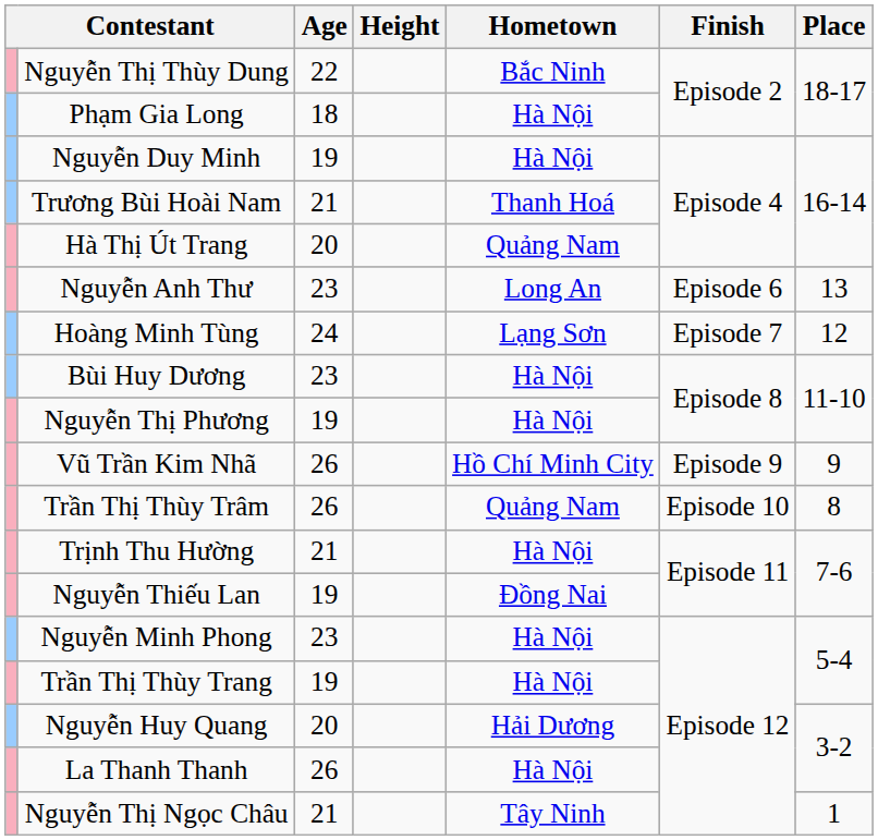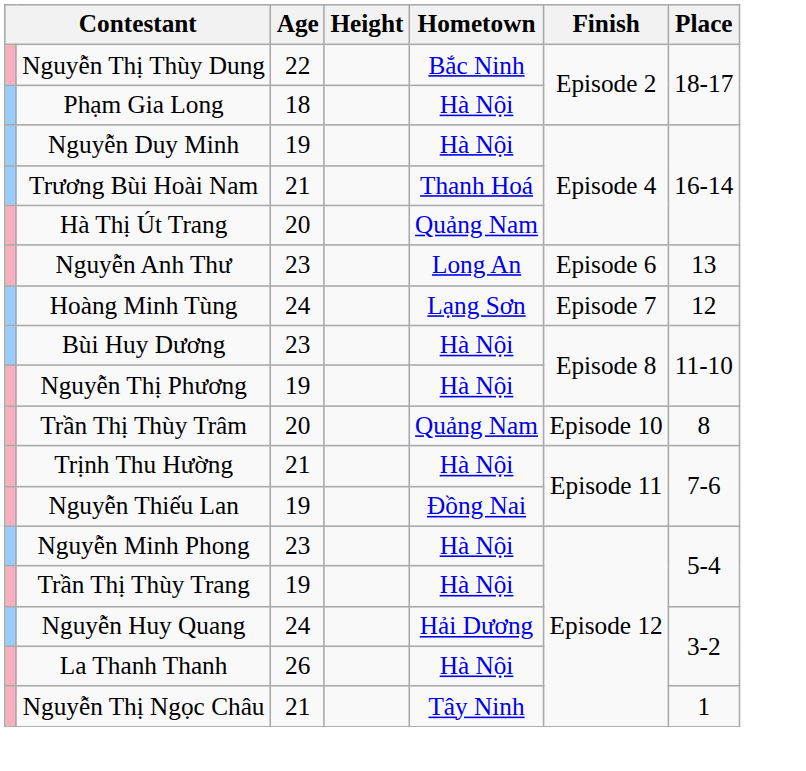 <table class="wikitable sortable" style="text-align:center;">
 <tr>
 <th colspan="2">Contestant</th>
 <th>Age</th>
 <th>Height</th>
 <th>Hometown</th>
 <th>Finish</th>
 <th>Place</th>
 </tr>
 <tr>
 <th style="background:#faafbe"></th>
 <td>Nguyễn Thị Thùy Dung</td>
 <td>22</td>
 <td></td>
 <td><a href='#'>Bắc Ninh</a></td>
 <td rowspan=2>Episode 2</td>
 <td rowspan=2>18-17</td>
 </tr>
 <tr>
 <th style="background:#9cf;"></th>
 <td>Phạm Gia Long</td>
 <td>18</td>
 <td></td>
 <td><a href='#'>Hà Nội</a></td>
 </tr>
 <tr>
 <th style="background:#9cf;"></th>
 <td>Nguyễn Duy Minh</td>
 <td>19</td>
 <td></td>
 <td><a href='#'>Hà Nội</a></td>
 <td rowspan=3>Episode 4</td>
 <td rowspan=3>16-14</td>
 </tr>
 <tr>
 <th style="background:#9cf;"></th>
 <td>Trương Bùi Hoài Nam</td>
 <td>21</td>
 <td></td>
 <td><a href='#'>Thanh Hoá</a></td>
 </tr>
 <tr>
 <th style="background:#faafbe"></th>
 <td>Hà Thị Út Trang</td>
 <td>20</td>
 <td></td>
 <td><a href='#'>Quảng Nam</a></td>
 </tr>
 <tr>
 <th style="background:#faafbe"></th>
 <td>Nguyễn Anh Thư</td>
 <td>23</td>
 <td></td>
 <td><a href='#'>Long An</a></td>
 <td>Episode 6</td>
 <td>13</td>
 </tr>
 <tr>
 <th style="background:#9cf;"></th>
 <td>Hoàng Minh Tùng</td>
 <td>24</td>
 <td></td>
 <td><a href='#'>Lạng Sơn</a></td>
 <td>Episode 7</td>
 <td>12</td>
 </tr>
 <tr>
 <th style="background:#9cf;"></th>
 <td>Bùi Huy Dương</td>
 <td>23</td>
 <td></td>
 <td><a href='#'>Hà Nội</a></td>
 <td rowspan=2>Episode 8</td>
 <td rowspan=2>11-10</td>
 </tr>
 <tr>
 <th style="background:#faafbe"></th>
 <td>Nguyễn Thị Phương</td>
 <td>19</td>
 <td></td>
 <td><a href='#'>Hà Nội</a></td>
 </tr>
 <tr>
 <th style="background:#faafbe"></th>
-<td>Vũ Trần Kim Nhã</td>
-<td>26</td>
-<td></td>
-<td><a href='#'>Hồ Chí Minh City</a></td>
-<td>Episode 9</td>
-<td>9</td>
-</tr>
-<tr>
-<th style="background:#faafbe"></th>
 <td>Trần Thị Thùy Trâm</td>
-<td>26</td>
+<td>20</td>
 <td></td>
 <td><a href='#'>Quảng Nam</a></td>
 <td>Episode 10</td>
 <td>8</td>
 </tr>
 <tr>
 <th style="background:#faafbe"></th>
 <td>Trịnh Thu Hường</td>
 <td>21</td>
 <td></td>
 <td><a href='#'>Hà Nội</a></td>
 <td rowspan=2>Episode 11</td>
 <td rowspan=2>7-6</td>
 </tr>
 <tr>
 <th style="background:#faafbe"></th>
 <td>Nguyễn Thiếu Lan</td>
 <td>19</td>
 <td></td>
 <td><a href='#'>Đồng Nai</a></td>
 </tr>
 <tr>
 <th style="background:#9cf;"></th>
 <td>Nguyễn Minh Phong</td>
 <td>23</td>
 <td></td>
 <td><a href='#'>Hà Nội</a></td>
 <td rowspan=5>Episode 12</td>
 <td rowspan=2>5-4</td>
 </tr>
 <tr>
 <th style="background:#faafbe"></th>
 <td>Trần Thị Thùy Trang</td>
 <td>19</td>
 <td></td>
 <td><a href='#'>Hà Nội</a></td>
 </tr>
 <tr>
 <th style="background:#9cf;"></th>
 <td>Nguyễn Huy Quang</td>
-<td>20</td>
+<td>24</td>
 <td></td>
 <td><a href='#'>Hải Dương</a></td>
 <td rowspan="2">3-2</td>
 </tr>
 <tr>
 <th style="background:#faafbe"></th>
 <td>La Thanh Thanh</td>
 <td>26</td>
 <td></td>
 <td><a href='#'>Hà Nội</a></td>
 </tr>
 <tr>
 <th style="background:#faafbe"></th>
 <td>Nguyễn Thị Ngọc Châu</td>
 <td>21</td>
 <td></td>
 <td><a href='#'>Tây Ninh</a></td>
 <td>1</td>
 </tr>
 </table>
